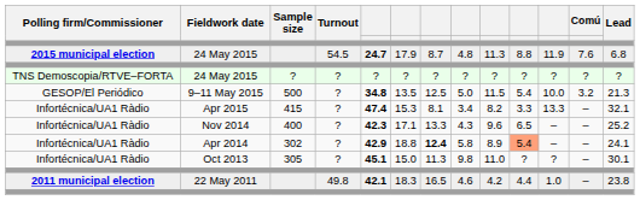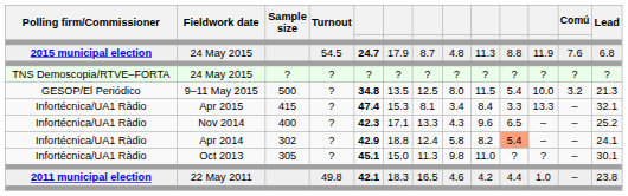 <table class="wikitable collapsible collapsed" style="text-align:center; font-size:95%; line-height:16px;">
 <tr style="height:42px;">
 <th style="width:250px;" rowspan="2">Polling firm/Commissioner</th>
 <th style="width:125px;" rowspan="2">Fieldwork date</th>
 <th style="width:50px;" rowspan="2">Sample size</th>
 <th style="width:45px;" rowspan="2">Turnout</th>
 <th style="width:35px;"></th>
 <th style="width:35px;"></th>
 <th style="width:35px;"></th>
 <th style="width:35px;"></th>
 <th style="width:35px;"></th>
 <th style="width:35px;"></th>
 <th style="width:35px;"></th>
 <th style="width:35px; font-size:95%;">Comú</th>
 <th style="width:30px;" rowspan="2">Lead</th>
 </tr>
 <tr>
 <th style="color:inherit;background:"></th>
 <th style="color:inherit;background:"></th>
 <th style="color:inherit;background:"></th>
 <th style="color:inherit;background:"></th>
 <th style="color:inherit;background:"></th>
 <th style="color:inherit;background:"></th>
 <th style="color:inherit;background:"></th>
 <th style="color:inherit;background:"></th>
 </tr>
 <tr>
 <td colspan="13" style="background:#A0A0A0"></td>
 </tr>
 <tr style="background:#EFEFEF;">
 <td><strong><a href='#'>2015 municipal election</a></strong></td>
 <td>24 May 2015</td>
 <td></td>
 <td>54.5</td>
 <td><strong>24.7</strong><br></td>
 <td>17.9<br></td>
 <td>8.7<br></td>
 <td>4.8<br></td>
 <td>11.3<br></td>
 <td>8.8<br></td>
 <td>11.9<br></td>
 <td>7.6<br></td>
 <td style="background:">6.8</td>
 </tr>
 <tr>
 <td colspan="13" style="background:#A0A0A0"></td>
 </tr>
 <tr style="background:#EAFFEA;">
 <td>TNS Demoscopia/RTVE–FORTA</td>
 <td>24 May 2015</td>
 <td>?</td>
 <td>?</td>
 <td>?<br></td>
 <td>?<br></td>
 <td>?<br></td>
 <td>?<br></td>
 <td>?<br></td>
 <td>?<br></td>
 <td>?<br></td>
 <td>?<br></td>
 <td style="background:">?</td>
 </tr>
 <tr>
 <td>GESOP/El Periódico</td>
 <td>9–11 May 2015</td>
 <td>500</td>
 <td>?</td>
 <td><strong>34.8</strong><br></td>
 <td>13.5<br></td>
 <td>12.5<br></td>
-<td>5.0<br></td>
+<td>8.0<br></td>
 <td>11.5<br></td>
 <td>5.4<br></td>
 <td>10.0<br></td>
 <td>3.2<br></td>
 <td style="background:">21.3</td>
 </tr>
 <tr>
 <td>Infortécnica/UA1 Ràdio</td>
 <td>Apr 2015</td>
 <td>415</td>
 <td>?</td>
 <td><strong>47.4</strong><br></td>
 <td>15.3<br></td>
 <td>8.1<br></td>
 <td>3.4<br></td>
-<td>8.2<br></td>
+<td>8.4<br></td>
 <td>3.3<br></td>
 <td>13.3<br></td>
 <td>–</td>
 <td style="background:">32.1</td>
 </tr>
 <tr>
 <td>Infortécnica/UA1 Ràdio</td>
 <td>Nov 2014</td>
 <td>400</td>
 <td>?</td>
 <td><strong>42.3</strong><br></td>
 <td>17.1<br></td>
 <td>13.3<br></td>
 <td>4.3<br></td>
 <td>9.6<br></td>
 <td>6.5<br></td>
 <td>–</td>
 <td>–</td>
 <td style="background:">25.2</td>
 </tr>
 <tr>
 <td>Infortécnica/UA1 Ràdio</td>
 <td>Apr 2014</td>
 <td>302</td>
 <td>?</td>
 <td><strong>42.9</strong><br></td>
 <td>18.8<br></td>
-<td><strong>12.4<br></strong></td>
+<td>12.4<br></td>
 <td>5.8<br></td>
-<td>8.9<br></td>
+<td>8.2<br></td>
 <td style="background: lightsalmon;">5.4<br></td>
 <td>–</td>
 <td>–</td>
 <td style="background:">24.1</td>
 </tr>
 <tr>
 <td>Infortécnica/UA1 Ràdio</td>
 <td>Oct 2013</td>
 <td>305</td>
 <td>?</td>
 <td><strong>45.1</strong><br></td>
 <td>15.0<br></td>
 <td>11.3<br></td>
 <td>9.8<br></td>
 <td>11.0<br></td>
 <td>?<br></td>
 <td>?<br></td>
 <td>–</td>
 <td style="background:">30.1</td>
 </tr>
 <tr>
 <td colspan="13" style="background:#A0A0A0"></td>
 </tr>
 <tr style="background:#EFEFEF;">
 <td><strong><a href='#'>2011 municipal election</a></strong></td>
 <td>22 May 2011</td>
 <td></td>
 <td>49.8</td>
 <td><strong>42.1</strong><br></td>
 <td>18.3<br></td>
 <td>16.5<br></td>
 <td>4.6<br></td>
 <td>4.2<br></td>
 <td>4.4<br></td>
 <td>1.0<br></td>
 <td>–</td>
 <td style="background:">23.8</td>
 </tr>
 <tr>
 <td colspan="13" style="background:#A0A0A0"></td>
 </tr>
 </table>
